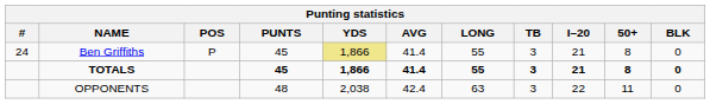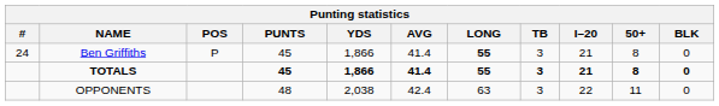 <table style="width:60%; text-align:center;" class="wikitable collapsible collapsed">
 <tr>
 <th colspan="12">Punting statistics</th>
 </tr>
 <tr>
 <th>#</th>
 <th>NAME</th>
 <th>POS</th>
 <th>PUNTS</th>
 <th>YDS</th>
 <th>AVG</th>
 <th>LONG</th>
 <th>TB</th>
 <th>I–20</th>
 <th>50+</th>
 <th>BLK</th>
 </tr>
 <tr>
 <td>24</td>
 <td><a href='#'>Ben Griffiths</a></td>
 <td>P</td>
 <td>45</td>
-<td style="background: khaki;">1,866</td>
+<td>1,866</td>
 <td>41.4</td>
-<td>55</td>
+<td><strong>55</strong></td>
 <td>3</td>
 <td>21</td>
 <td>8</td>
 <td>0</td>
 </tr>
 <tr>
 <td></td>
 <td><strong>TOTALS</strong></td>
 <td></td>
 <td><strong>45</strong></td>
 <td><strong>1,866</strong></td>
 <td><strong>41.4</strong></td>
 <td><strong>55</strong></td>
 <td><strong>3</strong></td>
 <td><strong>21</strong></td>
 <td><strong>8</strong></td>
 <td><strong>0</strong></td>
 </tr>
 <tr>
 <td></td>
 <td>OPPONENTS</td>
 <td></td>
 <td>48</td>
 <td>2,038</td>
 <td>42.4</td>
 <td>63</td>
 <td>3</td>
 <td>22</td>
 <td>11</td>
 <td>0</td>
 </tr>
 </table>
